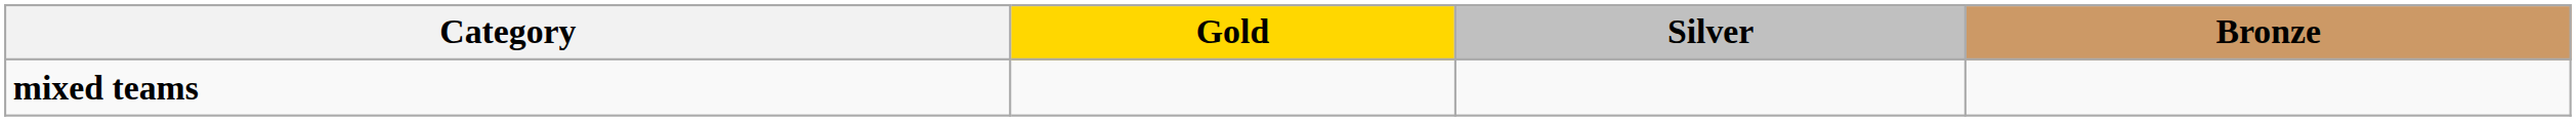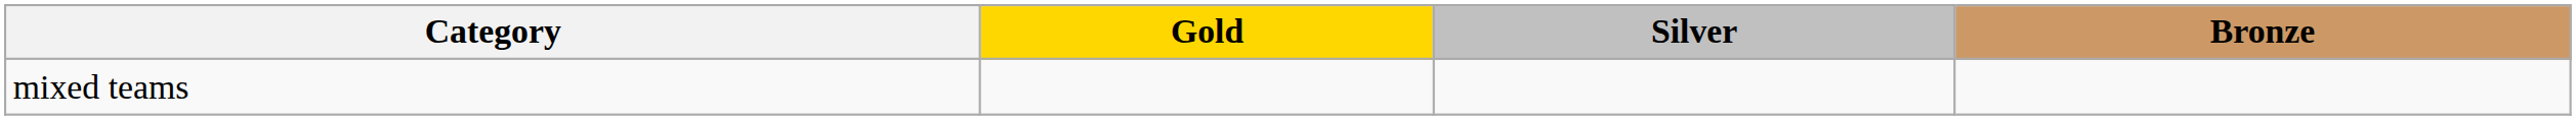 <table class=wikitable  width=75%>
 <tr>
 <th>Category</th>
 <th style="background: gold">Gold</th>
 <th style="background: silver">Silver</th>
 <th style="background: #cc9966" colspan=2>Bronze</th>
 </tr>
 <tr>
-<td><strong>mixed teams</strong></td>
+<td>mixed teams</td>
 <td></td>
 <td></td>
 <td colspan=2></td>
 </tr>
 </table>
